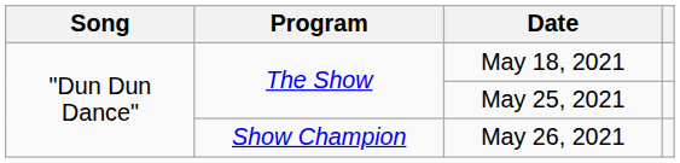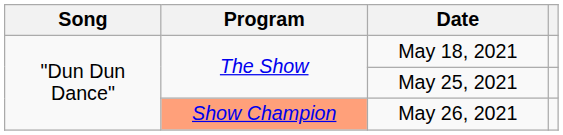 <table class="wikitable" style="text-align:center">
 <tr>
 <th width="120">Song</th>
 <th width="160">Program</th>
 <th width="140">Date</th>
 <th></th>
 </tr>
 <tr>
 <td rowspan="3">"Dun Dun Dance"</td>
 <td rowspan="2"><em><a href='#'>The Show</a></em></td>
 <td>May 18, 2021</td>
 <td></td>
 </tr>
 <tr>
 <td>May 25, 2021</td>
 <td></td>
 </tr>
 <tr>
-<td><em><a href='#'>Show Champion</a></em></td>
+<td style="background: lightsalmon;"><em><a href='#'>Show Champion</a></em></td>
 <td>May 26, 2021</td>
 <td></td>
 </tr>
 </table>
